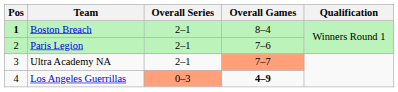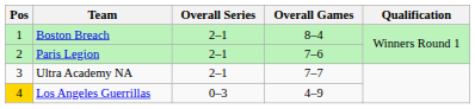 <table class="wikitable" width="600px" style="text-align:center">
 <tr>
 <th>Pos</th>
 <th>Team</th>
 <th>Overall Series</th>
 <th>Overall Games</th>
 <th>Qualification</th>
 </tr>
 <tr style="background:#BBF3BB">
-<td><strong>1</strong></td>
+<td>1</td>
 <td style="text-align:left"><a href='#'>Boston Breach</a></td>
 <td>2–1</td>
 <td>8–4</td>
 <td rowspan="2">Winners Round 1</td>
 </tr>
 <tr style="background:#BBF3BB">
 <td>2</td>
 <td style="text-align:left"><a href='#'>Paris Legion</a></td>
 <td>2–1</td>
 <td>7–6</td>
 </tr>
 <tr>
 <td>3</td>
 <td style="text-align:left;">Ultra Academy NA</td>
 <td>2–1</td>
-<td style="background: lightsalmon;">7–7</td>
+<td>7–7</td>
 </tr>
 <tr>
-<td>4</td>
+<td style="background: gold;">4</td>
 <td style="text-align:left;"><a href='#'>Los Angeles Guerrillas</a></td>
-<td style="background: lightsalmon;">0–3</td>
-<td><strong>4–9</strong></td>
+<td>0–3</td>
+<td>4–9</td>
 </tr>
 </table>
